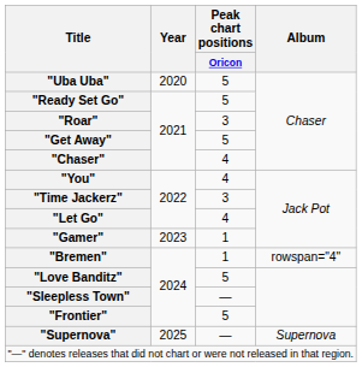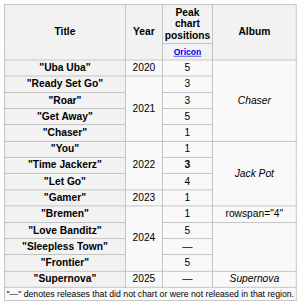 <table class="wikitable plainrowheaders" style="text-align:center;">
 <tr>
 <th scope="col" rowspan="2">Title</th>
 <th scope="col" rowspan="2">Year</th>
 <th scope="col" colspan="1">Peak <br> chart <br> positions</th>
 <th scope="col" rowspan="2">Album</th>
 </tr>
 <tr>
 <th scope="col" style="width:2.5em;"><small><a href='#'>Oricon</a></small></th>
 </tr>
 <tr>
 <th scope="row">"Uba Uba"</th>
 <td>2020</td>
 <td>5</td>
 <td rowspan="5"><em>Chaser</em></td>
 </tr>
 <tr>
 <th scope="row">"Ready Set Go"</th>
 <td rowspan="4">2021</td>
-<td>5</td>
+<td>3</td>
 </tr>
 <tr>
 <th scope="row">"Roar"</th>
 <td>3</td>
 </tr>
 <tr>
 <th scope="row">"Get Away"</th>
 <td>5</td>
 </tr>
 <tr>
 <th scope="row">"Chaser"</th>
-<td>4</td>
+<td>1</td>
 </tr>
 <tr>
 <th scope="row">"You"</th>
 <td rowspan="3">2022</td>
-<td>4</td>
+<td>1</td>
 <td rowspan="4"><em>Jack Pot</em></td>
 </tr>
 <tr>
 <th scope="row">"Time Jackerz"</th>
-<td>3</td>
+<td><strong>3</strong></td>
 </tr>
 <tr>
 <th scope="row">"Let Go"</th>
 <td>4</td>
 </tr>
 <tr>
 <th scope="row">"Gamer"</th>
 <td>2023</td>
 <td>1</td>
 </tr>
 <tr>
 <th scope="row">"Bremen"</th>
 <td rowspan="4">2024</td>
 <td>1</td>
 <td>rowspan="4" </td>
 </tr>
 <tr>
 <th scope="row">"Love Banditz"</th>
 <td>5</td>
 </tr>
 <tr>
 <th scope="row">"Sleepless Town"</th>
 <td>—</td>
 </tr>
 <tr>
 <th scope="row">"Frontier"</th>
 <td>5</td>
 </tr>
 <tr>
 <th scope="row">"Supernova"</th>
 <td>2025</td>
 <td>—</td>
 <td><em>Supernova</em></td>
 </tr>
 <tr>
 <td colspan="4" style="font-size:85%">"—" denotes releases that did not chart or were not released in that region.</td>
 </tr>
 </table>
